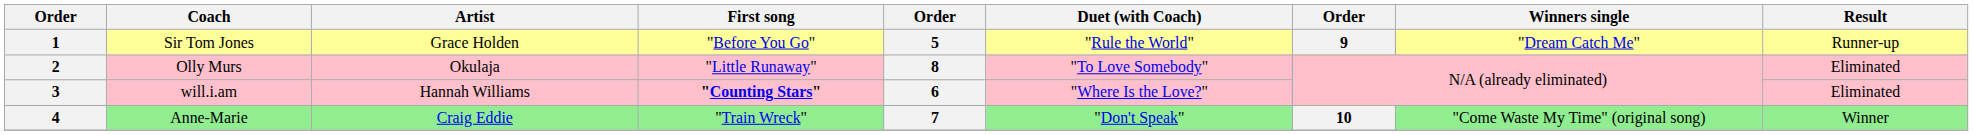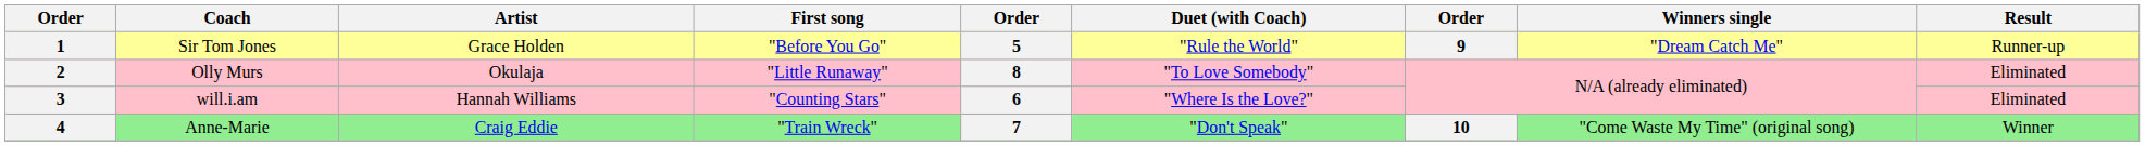 <table class="wikitable plainrowheaders" style="text-align:center; width:100%;">
 <tr>
 <th style="width:05%;">Order</th>
 <th style="width:10%;">Coach</th>
 <th style="width:16%;">Artist</th>
 <th style="width:12%;">First song</th>
 <th style="width:05%;">Order</th>
 <th style="width:15%;">Duet (with Coach)</th>
 <th style="width:05%;">Order</th>
 <th style="width:18%;">Winners single</th>
 <th style="width:10%;">Result</th>
 </tr>
 <tr style="background:#ff9"|>
 <th>1</th>
 <td>Sir Tom Jones</td>
 <td>Grace Holden</td>
 <td>"<a href='#'>Before You Go</a>"</td>
 <th>5</th>
 <td>"<a href='#'>Rule the World</a>"</td>
 <th>9</th>
 <td>"<a href='#'>Dream Catch Me</a>"</td>
 <td>Runner-up</td>
 </tr>
 <tr style="background:pink;" |>
 <th>2</th>
 <td>Olly Murs</td>
 <td>Okulaja</td>
 <td>"<a href='#'>Little Runaway</a>"</td>
 <th>8</th>
 <td>"<a href='#'>To Love Somebody</a>"</td>
 <td colspan="2" rowspan="2">N/A (already eliminated)</td>
 <td>Eliminated</td>
 </tr>
 <tr style="background:pink;" |>
 <th>3</th>
 <td>will.i.am</td>
 <td>Hannah Williams</td>
-<td><strong>"<a href='#'>Counting Stars</a>"</strong></td>
+<td>"<a href='#'>Counting Stars</a>"</td>
 <th>6</th>
 <td>"<a href='#'>Where Is the Love?</a>"</td>
 <td>Eliminated</td>
 </tr>
 <tr style = "background:lightgreen" |>
 <th>4</th>
 <td>Anne-Marie</td>
 <td><a href='#'>Craig Eddie</a></td>
 <td>"<a href='#'>Train Wreck</a>"</td>
 <th>7</th>
 <td>"<a href='#'>Don't Speak</a>"</td>
 <th>10</th>
 <td>"Come Waste My Time" (original song)</td>
 <td>Winner</td>
 </tr>
 <tr>
 </tr>
 </table>
